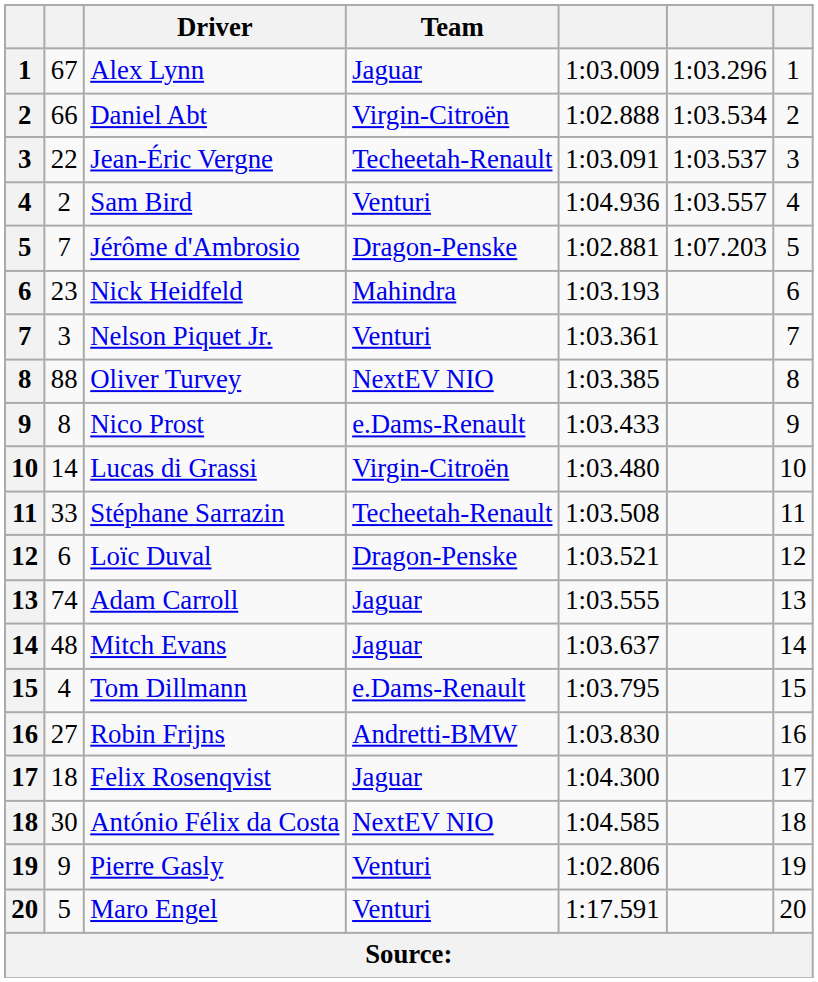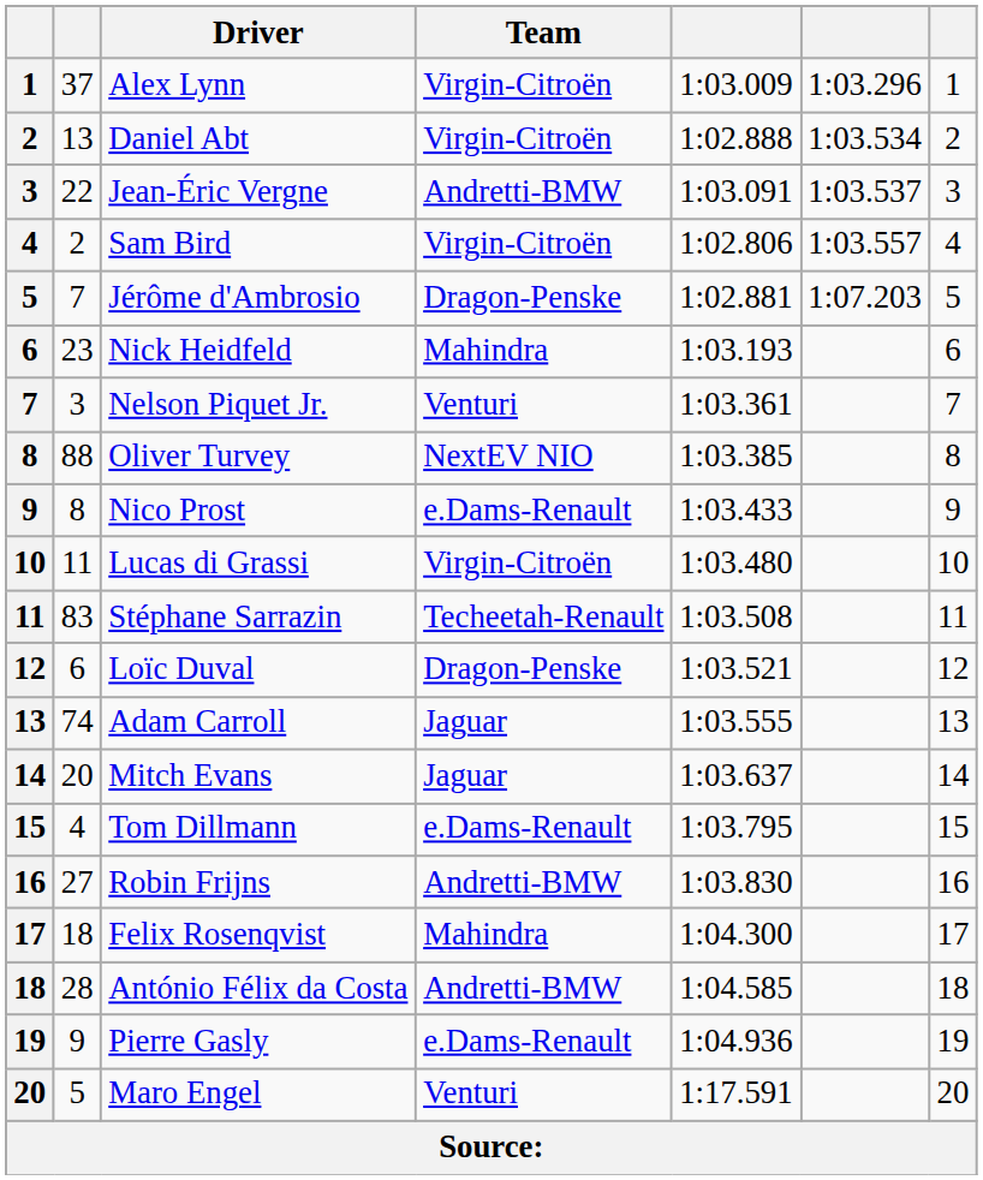 <table class="wikitable sortable" style="font-size: 85%">
 <tr>
 <th scope="col"></th>
 <th scope="col"></th>
 <th scope="col">Driver</th>
 <th scope="col">Team</th>
 <th scope="col"></th>
 <th scope="col"></th>
 <th scope="col"></th>
 </tr>
 <tr>
 <th scope="row">1</th>
-<td align="center">67</td>
+<td align="center">37</td>
 <td data-sort-value="LYN"> <a href='#'>Alex Lynn</a></td>
-<td><a href='#'>Jaguar</a></td>
+<td><a href='#'>Virgin-Citroën</a></td>
 <td>1:03.009</td>
 <td>1:03.296</td>
 <td align="center">1</td>
 </tr>
 <tr>
 <th scope="row">2</th>
-<td align="center">66</td>
+<td align="center">13</td>
 <td data-sort-value="ABT"> <a href='#'>Daniel Abt</a></td>
 <td><a href='#'>Virgin-Citroën</a></td>
 <td>1:02.888</td>
 <td>1:03.534</td>
 <td align="center">2</td>
 </tr>
 <tr>
 <th scope="row">3</th>
 <td align="center">22</td>
 <td data-sort-value="VER"> <a href='#'>Jean-Éric Vergne</a></td>
-<td><a href='#'>Techeetah-Renault</a></td>
+<td><a href='#'>Andretti-BMW</a></td>
 <td>1:03.091</td>
 <td>1:03.537</td>
 <td align="center">3</td>
 </tr>
 <tr>
 <th scope="row">4</th>
 <td align="center">2</td>
 <td data-sort-value="BIR"> <a href='#'>Sam Bird</a></td>
-<td><a href='#'>Venturi</a></td>
-<td>1:04.936</td>
+<td><a href='#'>Virgin-Citroën</a></td>
+<td>1:02.806</td>
 <td>1:03.557</td>
 <td align="center">4</td>
 </tr>
 <tr>
 <th scope="row">5</th>
 <td align="center">7</td>
 <td data-sort-value="DAM"> <a href='#'>Jérôme d'Ambrosio</a></td>
 <td><a href='#'>Dragon-Penske</a></td>
 <td>1:02.881</td>
 <td>1:07.203</td>
 <td align="center">5</td>
 </tr>
 <tr>
 <th scope="row">6</th>
 <td align="center">23</td>
 <td data-sort-value="HEI"> <a href='#'>Nick Heidfeld</a></td>
 <td><a href='#'>Mahindra</a></td>
 <td>1:03.193</td>
 <td></td>
 <td align="center">6</td>
 </tr>
 <tr>
 <th scope="row">7</th>
 <td align="center">3</td>
 <td data-sort-value="PIQ"> <a href='#'>Nelson Piquet Jr.</a></td>
 <td><a href='#'>Venturi</a></td>
 <td>1:03.361</td>
 <td></td>
 <td align="center">7</td>
 </tr>
 <tr>
 <th scope="row">8</th>
 <td align="center">88</td>
 <td data-sort-value="TUR"> <a href='#'>Oliver Turvey</a></td>
 <td><a href='#'>NextEV NIO</a></td>
 <td>1:03.385</td>
 <td></td>
 <td align="center">8</td>
 </tr>
 <tr>
 <th scope="row">9</th>
 <td align="center">8</td>
 <td data-sort-value="PRO"> <a href='#'>Nico Prost</a></td>
 <td><a href='#'>e.Dams-Renault</a></td>
 <td>1:03.433</td>
 <td></td>
 <td align="center">9</td>
 </tr>
 <tr>
 <th scope="row">10</th>
-<td align="center">14</td>
+<td align="center">11</td>
 <td data-sort-value="DIG"> <a href='#'>Lucas di Grassi</a></td>
 <td><a href='#'>Virgin-Citroën</a></td>
 <td>1:03.480</td>
 <td></td>
 <td align="center">10</td>
 </tr>
 <tr>
 <th scope="row">11</th>
-<td align="center">33</td>
+<td align="center">83</td>
 <td data-sort-value="SAR"> <a href='#'>Stéphane Sarrazin</a></td>
 <td><a href='#'>Techeetah-Renault</a></td>
 <td>1:03.508</td>
 <td></td>
 <td align="center">11</td>
 </tr>
 <tr>
 <th scope="row">12</th>
 <td align="center">6</td>
 <td data-sort-value="DUV"> <a href='#'>Loïc Duval</a></td>
 <td><a href='#'>Dragon-Penske</a></td>
 <td>1:03.521</td>
 <td></td>
 <td align="center">12</td>
 </tr>
 <tr>
 <th scope="row">13</th>
 <td align="center">74</td>
 <td data-sort-value="CAR"> <a href='#'>Adam Carroll</a></td>
 <td><a href='#'>Jaguar</a></td>
 <td>1:03.555</td>
 <td></td>
 <td align="center">13</td>
 </tr>
 <tr>
 <th scope="row">14</th>
-<td align="center">48</td>
+<td align="center">20</td>
 <td data-sort-value="EVA"> <a href='#'>Mitch Evans</a></td>
 <td><a href='#'>Jaguar</a></td>
 <td>1:03.637</td>
 <td></td>
 <td align="center">14</td>
 </tr>
 <tr>
 <th scope="row">15</th>
 <td align="center">4</td>
 <td data-sort-value="DIL"> <a href='#'>Tom Dillmann</a></td>
 <td><a href='#'>e.Dams-Renault</a></td>
 <td>1:03.795</td>
 <td></td>
 <td align="center">15</td>
 </tr>
 <tr>
 <th scope="row">16</th>
 <td align="center">27</td>
 <td data-sort-value="FRI"> <a href='#'>Robin Frijns</a></td>
 <td><a href='#'>Andretti-BMW</a></td>
 <td>1:03.830</td>
 <td></td>
 <td align="center">16</td>
 </tr>
 <tr>
 <th scope="row">17</th>
 <td align="center">18</td>
 <td data-sort-value="ROS"> <a href='#'>Felix Rosenqvist</a></td>
-<td><a href='#'>Jaguar</a></td>
+<td><a href='#'>Mahindra</a></td>
 <td>1:04.300</td>
 <td></td>
 <td align="center">17</td>
 </tr>
 <tr>
 <th scope="row">18</th>
-<td align="center">30</td>
+<td align="center">28</td>
 <td data-sort-value="FDC"> <a href='#'>António Félix da Costa</a></td>
-<td><a href='#'>NextEV NIO</a></td>
+<td><a href='#'>Andretti-BMW</a></td>
 <td>1:04.585</td>
 <td></td>
 <td align="center">18</td>
 </tr>
 <tr>
 <th scope="row">19</th>
 <td align="center">9</td>
 <td data-sort-value="GAS"> <a href='#'>Pierre Gasly</a></td>
-<td><a href='#'>Venturi</a></td>
-<td>1:02.806</td>
+<td><a href='#'>e.Dams-Renault</a></td>
+<td>1:04.936</td>
 <td></td>
 <td align="center">19</td>
 </tr>
 <tr>
 <th scope="row">20</th>
 <td align="center">5</td>
 <td data-sort-value="ENG"> <a href='#'>Maro Engel</a></td>
 <td><a href='#'>Venturi</a></td>
 <td>1:17.591</td>
 <td></td>
 <td align="center">20</td>
 </tr>
 <tr>
 <th colspan="7">Source:</th>
 </tr>
 </table>
